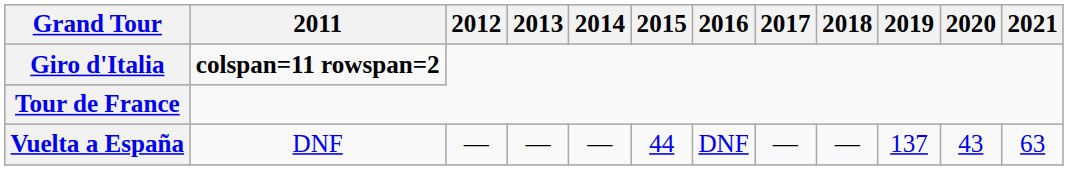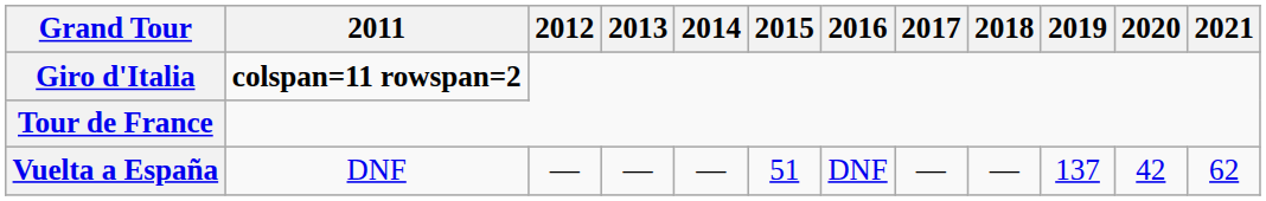 <table class="wikitable plainrowheaders">
 <tr>
 <th scope="col"><a href='#'>Grand Tour</a></th>
 <th scope="col">2011</th>
 <th scope="col">2012</th>
 <th scope="col">2013</th>
 <th scope="col">2014</th>
 <th scope="col">2015</th>
 <th scope="col">2016</th>
 <th scope="col">2017</th>
 <th scope="col">2018</th>
 <th scope="col">2019</th>
 <th scope="col">2020</th>
 <th scope="col">2021</th>
 </tr>
 <tr style="text-align:center;">
 <th scope="row"> <a href='#'>Giro d'Italia</a></th>
 <td><strong>colspan=11 rowspan=2 </strong></td>
 </tr>
 <tr style="text-align:center;">
 <th scope="row"> <a href='#'>Tour de France</a></th>
 </tr>
 <tr style="text-align:center;">
 <th scope="row"> <a href='#'>Vuelta a España</a></th>
 <td><a href='#'>DNF</a></td>
 <td>—</td>
 <td>—</td>
 <td>—</td>
-<td><a href='#'>44</a></td>
+<td><a href='#'>51</a></td>
 <td><a href='#'>DNF</a></td>
 <td>—</td>
 <td>—</td>
 <td><a href='#'>137</a></td>
-<td><a href='#'>43</a></td>
-<td><a href='#'>63</a></td>
+<td><a href='#'>42</a></td>
+<td><a href='#'>62</a></td>
 </tr>
 </table>
